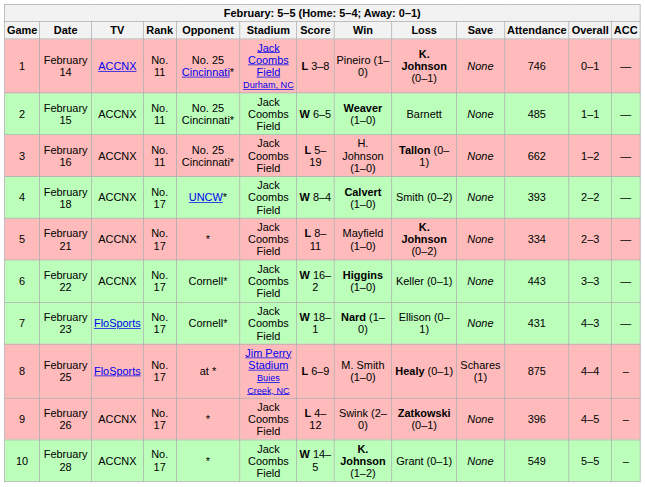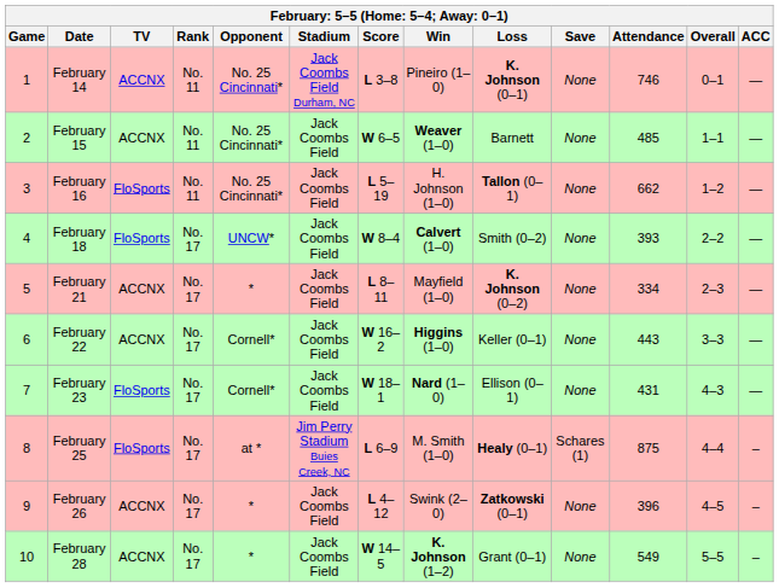 <table class="wikitable collapsible collapsed" style="margin:auto; width:100%; text-align:center; font-size:95%">
 <tr>
 <th colspan=13>February: 5–5 (Home: 5–4; Away: 0–1)</th>
 </tr>
 <tr>
 <th>Game</th>
 <th>Date</th>
 <th>TV</th>
 <th>Rank</th>
 <th>Opponent</th>
 <th>Stadium</th>
 <th>Score</th>
 <th>Win</th>
 <th>Loss</th>
 <th>Save</th>
 <th>Attendance</th>
 <th>Overall</th>
 <th>ACC</th>
 </tr>
 <tr style="background:#fbb;">
 <td>1</td>
 <td>February 14</td>
 <td><a href='#'>ACCNX</a></td>
 <td>No. 11</td>
 <td>No. 25 <a href='#'>Cincinnati</a>*</td>
 <td><a href='#'>Jack Coombs Field</a><br><small><a href='#'>Durham, NC</a></small></td>
 <td><strong>L</strong> 3–8</td>
 <td>Pineiro (1–0)</td>
 <td><strong>K. Johnson</strong> (0–1)</td>
 <td><em>None</em></td>
 <td>746</td>
 <td>0–1</td>
 <td>—</td>
 </tr>
 <tr style="background:#bfb;">
 <td>2</td>
 <td>February 15</td>
 <td>ACCNX</td>
 <td>No. 11</td>
 <td>No. 25 Cincinnati*</td>
 <td>Jack Coombs Field</td>
 <td><strong>W</strong> 6–5</td>
 <td><strong>Weaver</strong> (1–0)</td>
 <td>Barnett</td>
 <td><em>None</em></td>
 <td>485</td>
 <td>1–1</td>
 <td>—</td>
 </tr>
 <tr style="background:#fbb;">
 <td>3</td>
 <td>February 16</td>
-<td>ACCNX</td>
+<td><a href='#'>FloSports</a></td>
 <td>No. 11</td>
 <td>No. 25 Cincinnati*</td>
 <td>Jack Coombs Field</td>
 <td><strong>L</strong> 5–19</td>
 <td>H. Johnson (1–0)</td>
 <td><strong>Tallon</strong> (0–1)</td>
 <td><em>None</em></td>
 <td>662</td>
 <td>1–2</td>
 <td>—</td>
 </tr>
 <tr style="background:#bfb;">
 <td>4</td>
 <td>February 18</td>
-<td>ACCNX</td>
+<td><a href='#'>FloSports</a></td>
 <td>No. 17</td>
 <td><a href='#'>UNCW</a>*</td>
 <td>Jack Coombs Field</td>
 <td><strong>W</strong> 8–4</td>
 <td><strong>Calvert</strong> (1–0)</td>
 <td>Smith (0–2)</td>
 <td><em>None</em></td>
 <td>393</td>
 <td>2–2</td>
 <td>—</td>
 </tr>
 <tr style="background:#fbb;">
 <td>5</td>
 <td>February 21</td>
 <td>ACCNX</td>
 <td>No. 17</td>
 <td>*</td>
 <td>Jack Coombs Field</td>
 <td><strong>L</strong> 8–11</td>
 <td>Mayfield (1–0)</td>
 <td><strong>K. Johnson</strong> (0–2)</td>
 <td><em>None</em></td>
 <td>334</td>
 <td>2–3</td>
 <td>—</td>
 </tr>
 <tr style="background:#bfb;">
 <td>6</td>
 <td>February 22</td>
 <td>ACCNX</td>
 <td>No. 17</td>
 <td>Cornell*</td>
 <td>Jack Coombs Field</td>
 <td><strong>W</strong> 16–2</td>
 <td><strong>Higgins</strong> (1–0)</td>
 <td>Keller (0–1)</td>
 <td><em>None</em></td>
 <td>443</td>
 <td>3–3</td>
 <td>—</td>
 </tr>
 <tr style="background:#bfb;">
 <td>7</td>
 <td>February 23</td>
 <td><a href='#'>FloSports</a></td>
 <td>No. 17</td>
 <td>Cornell*</td>
 <td>Jack Coombs Field</td>
 <td><strong>W</strong> 18–1</td>
 <td><strong>Nard</strong> (1–0)</td>
 <td>Ellison (0–1)</td>
 <td><em>None</em></td>
 <td>431</td>
 <td>4–3</td>
 <td>—</td>
 </tr>
 <tr style="background:#fbb;">
 <td>8</td>
 <td>February 25</td>
 <td><a href='#'>FloSports</a></td>
 <td>No. 17</td>
 <td>at *</td>
 <td><a href='#'>Jim Perry Stadium</a><br><small><a href='#'>Buies Creek, NC</a></small></td>
 <td><strong>L</strong> 6–9</td>
 <td>M. Smith (1–0)</td>
 <td><strong>Healy</strong> (0–1)</td>
 <td>Schares (1)</td>
 <td>875</td>
 <td>4–4</td>
 <td>–</td>
 </tr>
 <tr style="background:#fbb;">
 <td>9</td>
 <td>February 26</td>
 <td>ACCNX</td>
 <td>No. 17</td>
 <td>*</td>
 <td>Jack Coombs Field</td>
 <td><strong>L</strong> 4–12</td>
 <td>Swink (2–0)</td>
 <td><strong>Zatkowski</strong> (0–1)</td>
 <td><em>None</em></td>
 <td>396</td>
 <td>4–5</td>
 <td>–</td>
 </tr>
 <tr style="background:#bfb;">
 <td>10</td>
 <td>February 28</td>
 <td>ACCNX</td>
 <td>No. 17</td>
 <td>*</td>
 <td>Jack Coombs Field</td>
 <td><strong>W</strong> 14–5</td>
 <td><strong>K. Johnson</strong> (1–2)</td>
 <td>Grant (0–1)</td>
 <td><em>None</em></td>
 <td>549</td>
 <td>5–5</td>
 <td>–</td>
 </tr>
 </table>
